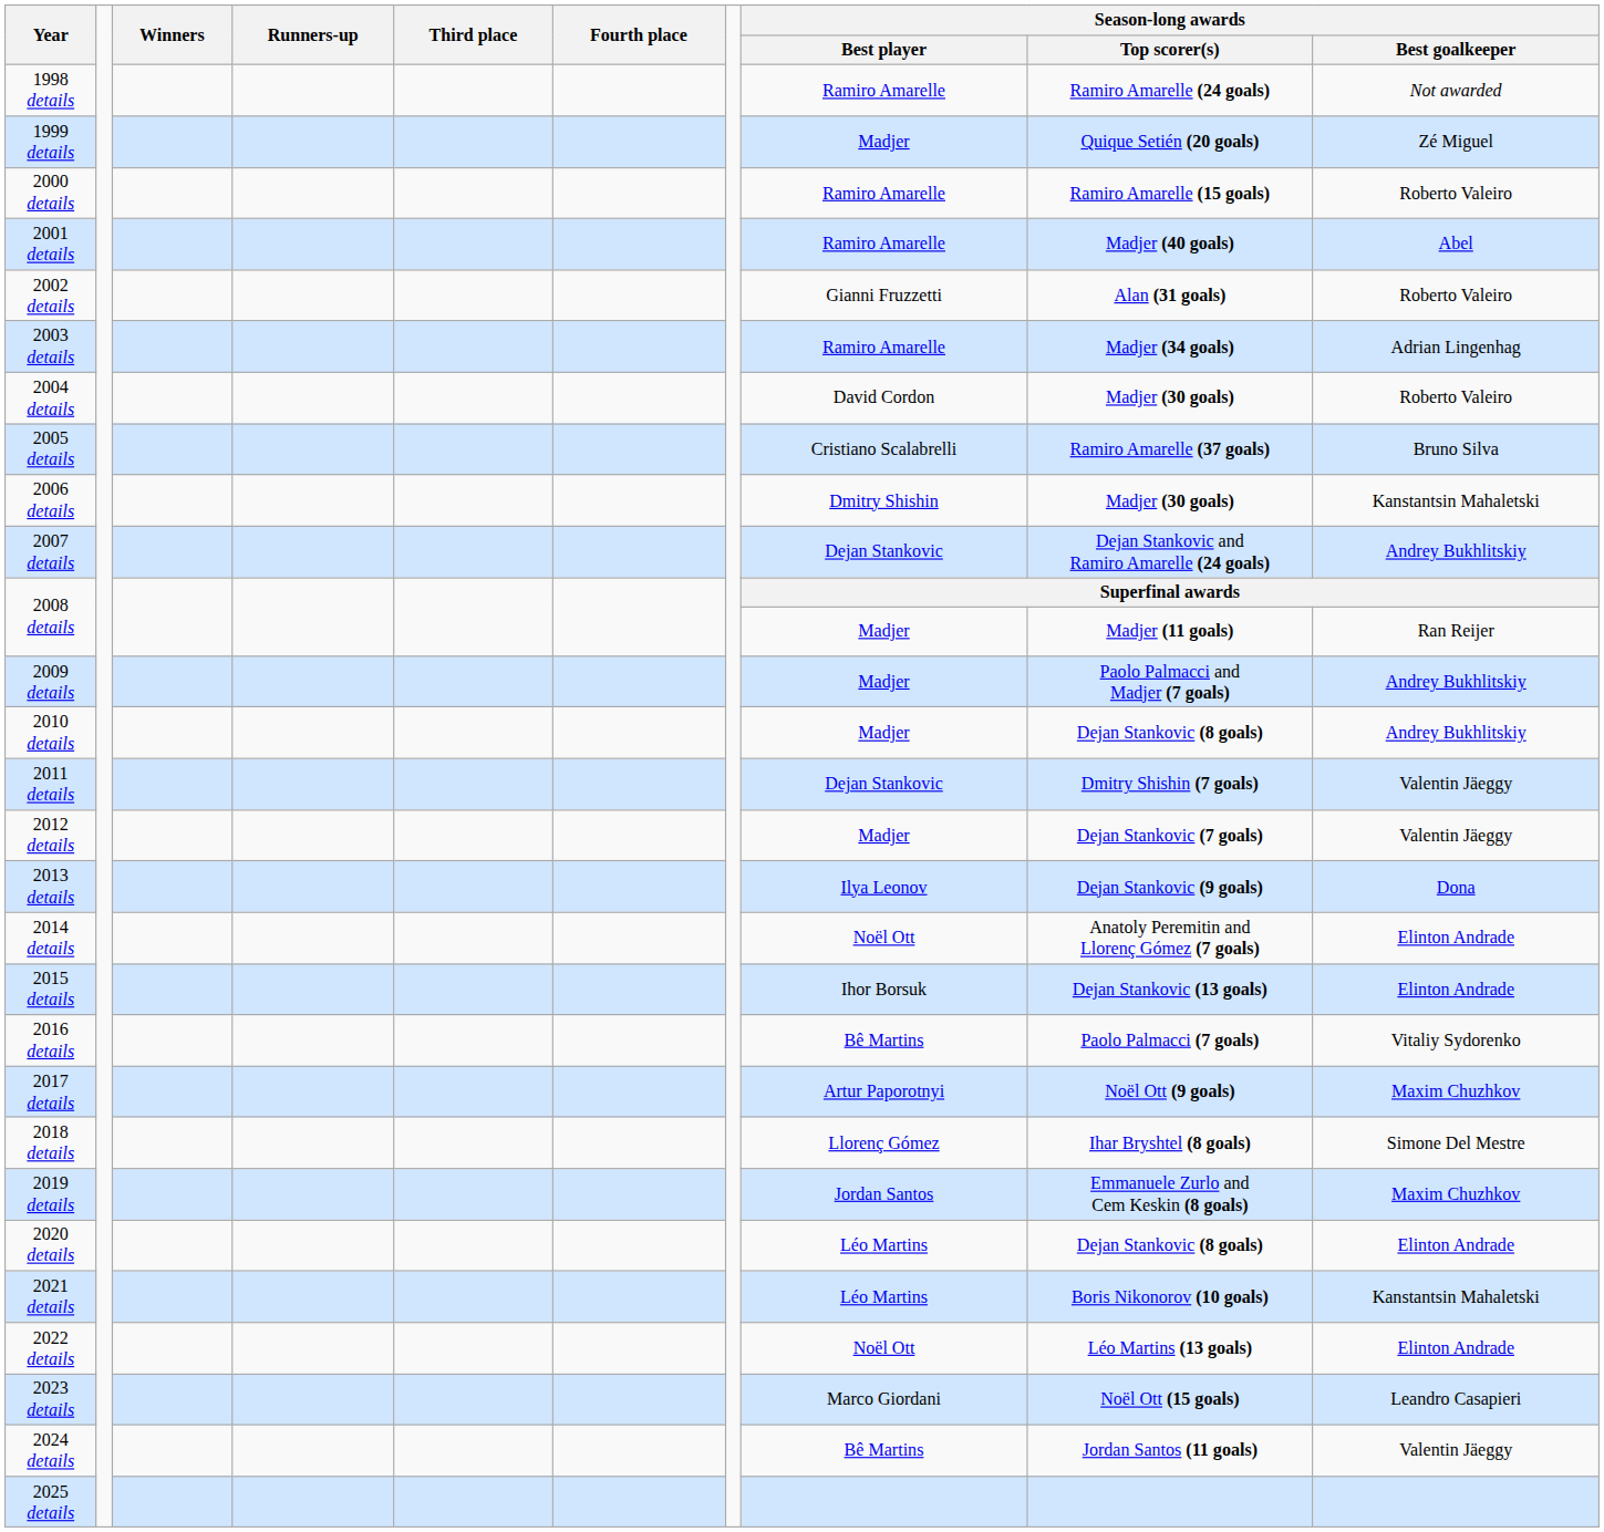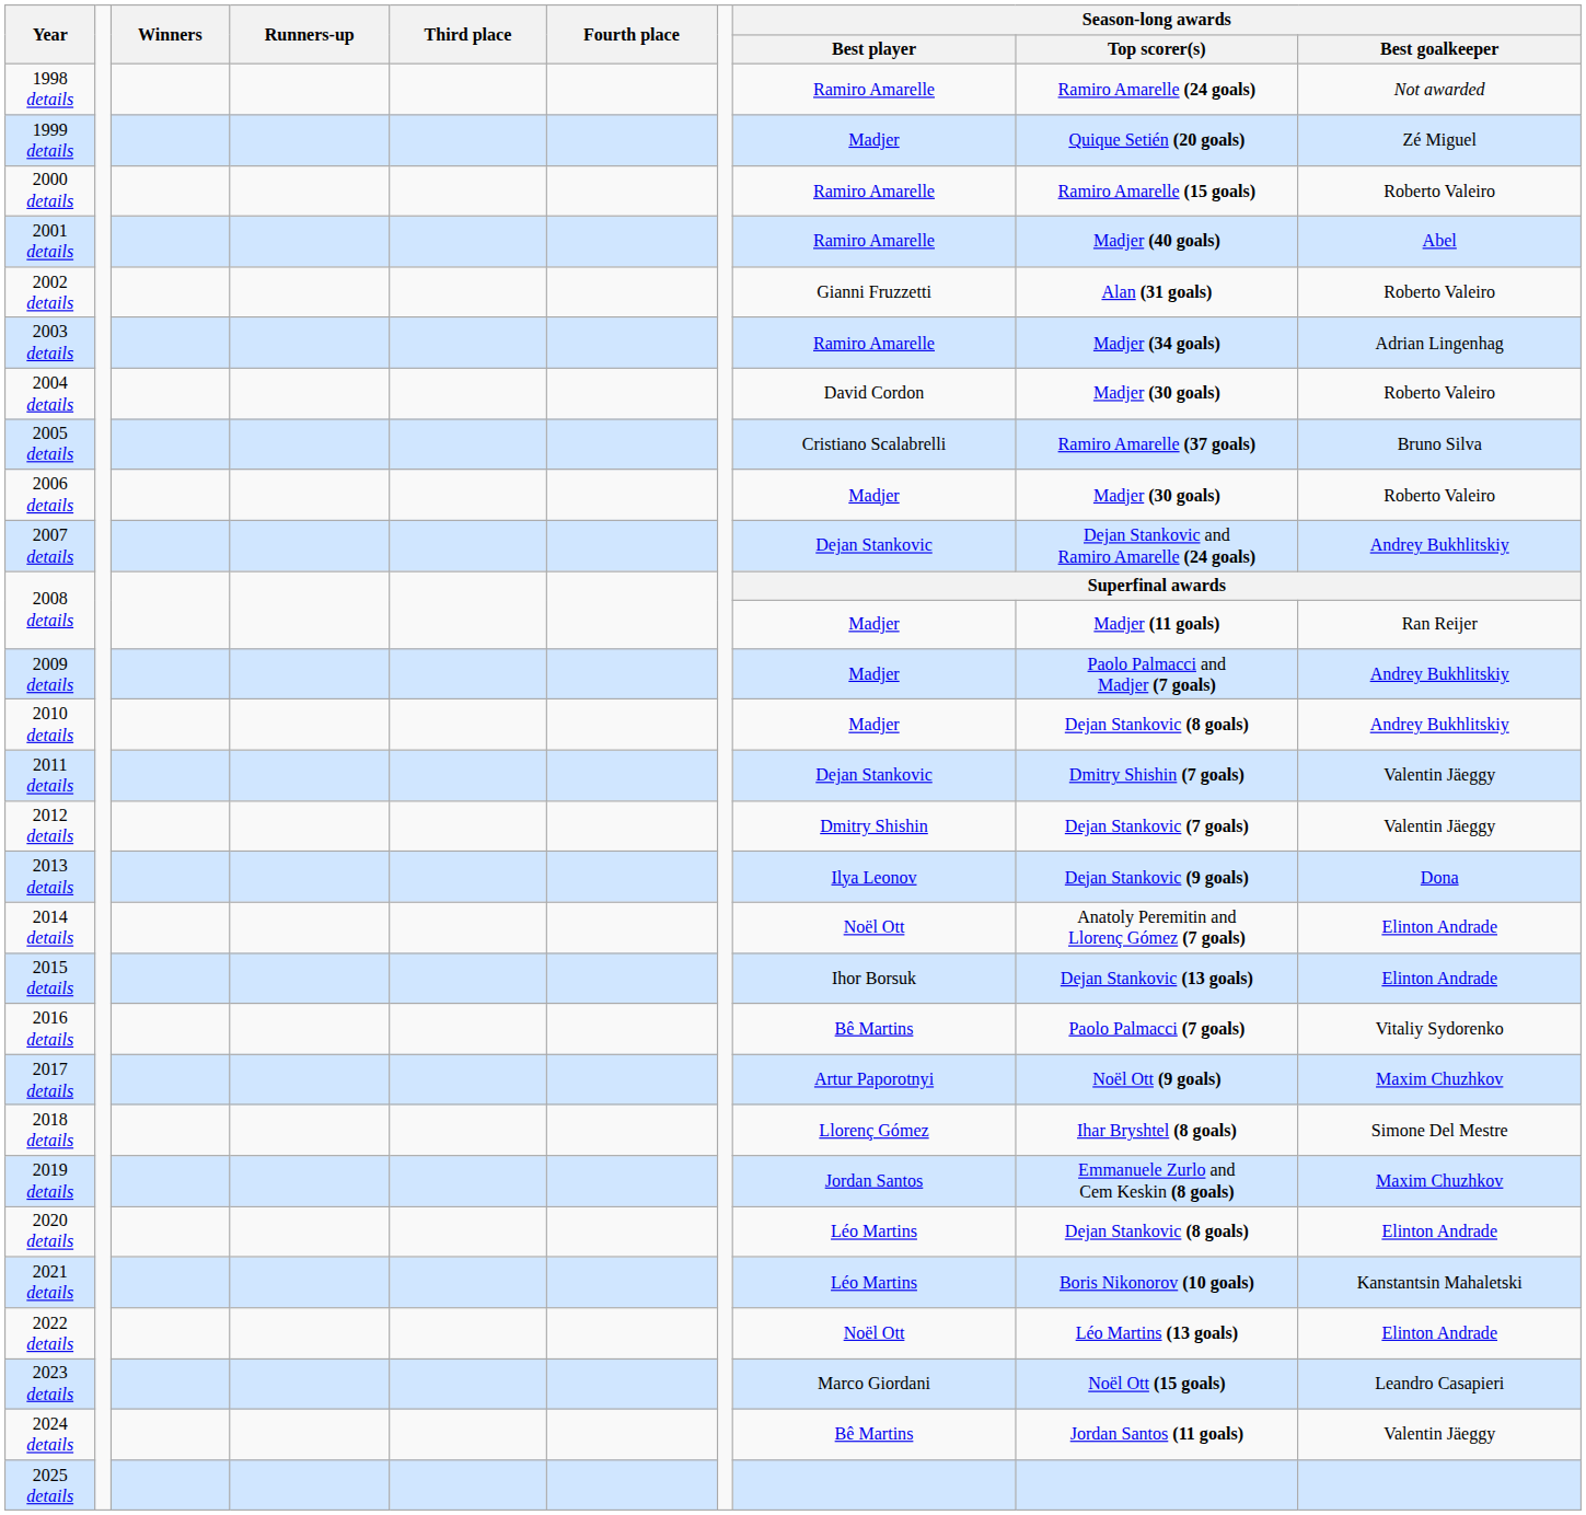 <table class="wikitable" style="font-size:88%; width: 100%; text-align: center;">
 <tr>
 <th rowspan="2">Year</th>
 <td width=1% rowspan="31"></td>
 <th rowspan="2">Winners</th>
 <th rowspan="2">Runners-up</th>
 <th rowspan="2">Third place</th>
 <th rowspan="2">Fourth place</th>
 <td width=1% rowspan="31"></td>
 <th colspan="3">Season-long awards</th>
 </tr>
 <tr>
 <th width=220>Best player</th>
 <th width=220>Top scorer(s)</th>
 <th width=220>Best goalkeeper</th>
 </tr>
 <tr>
 <td>1998<br><em><a href='#'>details</a></em></td>
 <td><strong></strong></td>
 <td></td>
 <td></td>
 <td></td>
 <td> <a href='#'>Ramiro Amarelle</a></td>
 <td> <a href='#'>Ramiro Amarelle</a> <strong>(24 goals)</strong></td>
 <td><em>Not awarded</em></td>
 </tr>
 <tr style="background: #D0E6FF;">
 <td>1999<br><em><a href='#'>details</a></em></td>
 <td><strong> </strong></td>
 <td></td>
 <td></td>
 <td></td>
 <td> <a href='#'>Madjer</a></td>
 <td> <a href='#'>Quique Setién</a> <strong>(20 goals)</strong></td>
 <td> Zé Miguel</td>
 </tr>
 <tr>
 <td>2000<br><em><a href='#'>details</a></em></td>
 <td><strong> </strong></td>
 <td></td>
 <td></td>
 <td></td>
 <td> <a href='#'>Ramiro Amarelle</a></td>
 <td> <a href='#'>Ramiro Amarelle</a> <strong>(15 goals)</strong></td>
 <td> Roberto Valeiro</td>
 </tr>
 <tr style="background: #D0E6FF;">
 <td>2001<br><em><a href='#'>details</a></em></td>
 <td><strong> </strong></td>
 <td></td>
 <td></td>
 <td></td>
 <td> <a href='#'>Ramiro Amarelle</a></td>
 <td> <a href='#'>Madjer</a> <strong>(40 goals)</strong></td>
 <td> <a href='#'>Abel</a></td>
 </tr>
 <tr>
 <td>2002<br><em><a href='#'>details</a></em></td>
 <td><strong> </strong></td>
 <td></td>
 <td></td>
 <td></td>
 <td> Gianni Fruzzetti</td>
 <td> <a href='#'>Alan</a> <strong>(31 goals)</strong></td>
 <td> Roberto Valeiro</td>
 </tr>
 <tr style="background: #D0E6FF;">
 <td>2003<br><em><a href='#'>details</a></em></td>
 <td><strong> </strong></td>
 <td></td>
 <td></td>
 <td></td>
 <td> <a href='#'>Ramiro Amarelle</a></td>
 <td> <a href='#'>Madjer</a> <strong>(34 goals)</strong></td>
 <td> Adrian Lingenhag</td>
 </tr>
 <tr>
 <td>2004<br><em><a href='#'>details</a></em></td>
 <td><strong> </strong></td>
 <td></td>
 <td></td>
 <td></td>
 <td> David Cordon</td>
 <td> <a href='#'>Madjer</a> <strong>(30 goals)</strong></td>
 <td> Roberto Valeiro</td>
 </tr>
 <tr style="background: #D0E6FF;">
 <td>2005<br><em><a href='#'>details</a></em></td>
 <td><strong> </strong></td>
 <td></td>
 <td></td>
 <td></td>
 <td> Cristiano Scalabrelli</td>
 <td> <a href='#'>Ramiro Amarelle</a> <strong>(37 goals)</strong></td>
 <td> Bruno Silva</td>
 </tr>
 <tr>
 <td>2006<br><em><a href='#'>details</a></em></td>
 <td><strong> </strong></td>
 <td></td>
 <td></td>
 <td></td>
-<td> <a href='#'>Dmitry Shishin</a></td>
+<td> <a href='#'>Madjer</a></td>
 <td> <a href='#'>Madjer</a> <strong>(30 goals)</strong></td>
-<td> Kanstantsin Mahaletski</td>
+<td> Roberto Valeiro</td>
 </tr>
 <tr style="background: #D0E6FF;">
 <td>2007<br><em><a href='#'>details</a></em></td>
 <td><strong> </strong></td>
 <td></td>
 <td></td>
 <td></td>
 <td> <a href='#'>Dejan Stankovic</a></td>
 <td> <a href='#'>Dejan Stankovic</a> and<br> <a href='#'>Ramiro Amarelle</a> <strong>(24 goals)</strong></td>
 <td> <a href='#'>Andrey Bukhlitskiy</a></td>
 </tr>
 <tr>
 <td rowspan="2">2008<br><em><a href='#'>details</a></em></td>
 <td rowspan="2"><strong> </strong></td>
 <td rowspan="2"></td>
 <td rowspan="2"></td>
 <td rowspan="2"></td>
 <th colspan="3">Superfinal awards</th>
 </tr>
 <tr>
 <td height = 32> <a href='#'>Madjer</a></td>
 <td> <a href='#'>Madjer</a> <strong>(11 goals)</strong></td>
 <td> Ran Reijer</td>
 </tr>
 <tr style="background: #D0E6FF;">
 <td>2009<br><em><a href='#'>details</a></em></td>
 <td><strong></strong></td>
 <td></td>
 <td></td>
 <td></td>
 <td> <a href='#'>Madjer</a></td>
 <td> <a href='#'>Paolo Palmacci</a> and<br> <a href='#'>Madjer</a> <strong>(7 goals)</strong></td>
 <td> <a href='#'>Andrey Bukhlitskiy</a></td>
 </tr>
 <tr>
 <td>2010<br><em><a href='#'>details</a></em></td>
 <td><strong> </strong></td>
 <td></td>
 <td></td>
 <td></td>
 <td> <a href='#'>Madjer</a></td>
 <td> <a href='#'>Dejan Stankovic</a> <strong>(8 goals)</strong></td>
 <td> <a href='#'>Andrey Bukhlitskiy</a></td>
 </tr>
 <tr style="background: #D0E6FF;">
 <td>2011<br><em><a href='#'>details</a></em></td>
 <td><strong></strong></td>
 <td></td>
 <td></td>
 <td></td>
 <td> <a href='#'>Dejan Stankovic</a></td>
 <td> <a href='#'>Dmitry Shishin</a> <strong>(7 goals)</strong></td>
 <td> Valentin Jäeggy</td>
 </tr>
 <tr>
 <td>2012<br><em><a href='#'>details</a></em></td>
 <td><strong></strong></td>
 <td></td>
 <td></td>
 <td></td>
-<td> <a href='#'>Madjer</a></td>
+<td> <a href='#'>Dmitry Shishin</a></td>
 <td> <a href='#'>Dejan Stankovic</a> <strong>(7 goals)</strong></td>
 <td> Valentin Jäeggy</td>
 </tr>
 <tr style="background: #D0E6FF;">
 <td>2013<br><em><a href='#'>details</a></em></td>
 <td><strong></strong></td>
 <td></td>
 <td></td>
 <td></td>
 <td> <a href='#'>Ilya Leonov</a></td>
 <td> <a href='#'>Dejan Stankovic</a> <strong>(9 goals)</strong></td>
 <td> <a href='#'>Dona</a></td>
 </tr>
 <tr>
 <td>2014<br><em><a href='#'>details</a></em></td>
 <td><strong></strong></td>
 <td></td>
 <td></td>
 <td></td>
 <td> <a href='#'>Noël Ott</a></td>
 <td> Anatoly Peremitin and<br>  <a href='#'>Llorenç Gómez</a> <strong>(7 goals)</strong></td>
 <td> <a href='#'>Elinton Andrade</a></td>
 </tr>
 <tr style="background: #D0E6FF;">
 <td>2015<br><em><a href='#'>details</a></em></td>
 <td><strong></strong></td>
 <td></td>
 <td></td>
 <td></td>
 <td> Ihor Borsuk</td>
 <td> <a href='#'>Dejan Stankovic</a> <strong>(13 goals)</strong></td>
 <td> <a href='#'>Elinton Andrade</a></td>
 </tr>
 <tr>
 <td>2016<br><em><a href='#'>details</a></em></td>
 <td><strong></strong></td>
 <td></td>
 <td></td>
 <td></td>
 <td> <a href='#'>Bê Martins</a></td>
 <td> <a href='#'>Paolo Palmacci</a> <strong>(7 goals)</strong></td>
 <td> Vitaliy Sydorenko</td>
 </tr>
 <tr style="background: #D0E6FF;">
 <td>2017<br><em><a href='#'>details</a></em></td>
 <td><strong></strong></td>
 <td></td>
 <td></td>
 <td></td>
 <td> <a href='#'>Artur Paporotnyi</a></td>
 <td> <a href='#'>Noël Ott</a> <strong>(9 goals)</strong></td>
 <td> <a href='#'>Maxim Chuzhkov</a></td>
 </tr>
 <tr>
 <td>2018<br><em><a href='#'>details</a></em></td>
 <td><strong></strong></td>
 <td></td>
 <td></td>
 <td></td>
 <td> <a href='#'>Llorenç Gómez</a></td>
 <td> <a href='#'>Ihar Bryshtel</a> <strong>(8 goals)</strong></td>
 <td> Simone Del Mestre</td>
 </tr>
 <tr style="background: #D0E6FF;">
 <td>2019<br><em><a href='#'>details</a></em></td>
 <td><strong></strong></td>
 <td></td>
 <td></td>
 <td></td>
 <td> <a href='#'>Jordan Santos</a></td>
 <td> <a href='#'>Emmanuele Zurlo</a> and<br> Cem Keskin <strong>(8 goals)</strong></td>
 <td> <a href='#'>Maxim Chuzhkov</a></td>
 </tr>
 <tr>
 <td>2020<br><em><a href='#'>details</a></em></td>
 <td><strong></strong></td>
 <td></td>
 <td></td>
 <td></td>
 <td> <a href='#'>Léo Martins</a></td>
 <td> <a href='#'>Dejan Stankovic</a> <strong>(8 goals)</strong></td>
 <td> <a href='#'>Elinton Andrade</a></td>
 </tr>
 <tr style="background: #D0E6FF;">
 <td>2021<br><em><a href='#'>details</a></em></td>
 <td><strong></strong></td>
 <td></td>
 <td></td>
 <td></td>
 <td> <a href='#'>Léo Martins</a></td>
 <td> <a href='#'>Boris Nikonorov</a> <strong>(10 goals)</strong></td>
 <td> Kanstantsin Mahaletski</td>
 </tr>
 <tr>
 <td>2022<br><em><a href='#'>details</a></em></td>
 <td><strong></strong></td>
 <td></td>
 <td></td>
 <td></td>
 <td> <a href='#'>Noël Ott</a></td>
 <td> <a href='#'>Léo Martins</a> <strong>(13 goals)</strong></td>
 <td> <a href='#'>Elinton Andrade</a></td>
 </tr>
 <tr style="background: #D0E6FF;">
 <td>2023<br><em><a href='#'>details</a></em></td>
 <td><strong></strong></td>
 <td></td>
 <td></td>
 <td></td>
 <td> Marco Giordani</td>
 <td> <a href='#'>Noël Ott</a> <strong>(15 goals)</strong></td>
 <td> Leandro Casapieri</td>
 </tr>
 <tr>
 <td>2024<br><em><a href='#'>details</a></em></td>
 <td><strong></strong></td>
 <td></td>
 <td></td>
 <td></td>
 <td> <a href='#'>Bê Martins</a></td>
 <td> <a href='#'>Jordan Santos</a> <strong>(11 goals)</strong></td>
 <td> Valentin Jäeggy</td>
 </tr>
 <tr style="background: #D0E6FF;">
 <td>2025<br><em><a href='#'>details</a></em></td>
 <td></td>
 <td></td>
 <td></td>
 <td></td>
 <td></td>
 <td></td>
 <td></td>
 </tr>
 </table>
